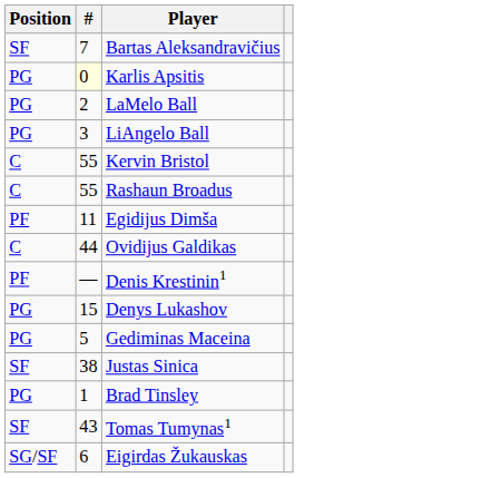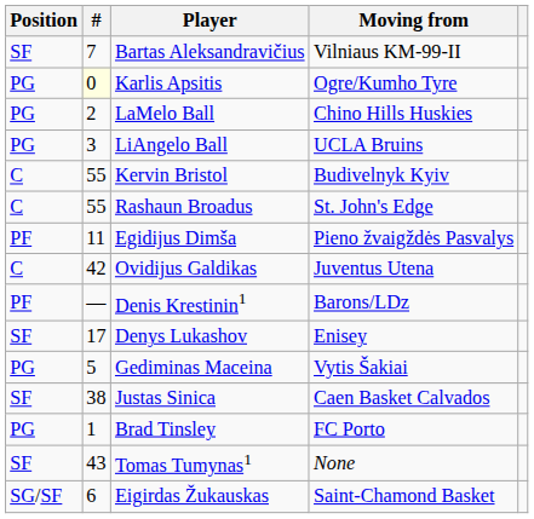 <table class="wikitable sortable" style="text-align: left;">
 <tr>
 <th>Position</th>
 <th>#</th>
 <th>Player</th>
+<th>Moving from</th>
 <th></th>
 </tr>
 <tr>
 <td><a href='#'>SF</a></td>
 <td>7</td>
 <td> <a href='#'>Bartas Aleksandravičius</a></td>
+<td> Vilniaus KM-99-II</td>
 <td></td>
 </tr>
 <tr>
 <td><a href='#'>PG</a></td>
 <td style="background: lightyellow;">0</td>
 <td> <a href='#'>Karlis Apsitis</a></td>
+<td> <a href='#'>Ogre/Kumho Tyre</a></td>
 <td></td>
 </tr>
 <tr>
 <td><a href='#'>PG</a></td>
 <td>2</td>
 <td> <a href='#'>LaMelo Ball</a></td>
+<td> <a href='#'>Chino Hills Huskies</a></td>
 <td></td>
 </tr>
 <tr>
 <td><a href='#'>PG</a></td>
 <td>3</td>
 <td> <a href='#'>LiAngelo Ball</a></td>
+<td> <a href='#'>UCLA Bruins</a></td>
 <td></td>
 </tr>
 <tr>
 <td><a href='#'>C</a></td>
 <td>55</td>
 <td> <a href='#'>Kervin Bristol</a></td>
+<td> <a href='#'>Budivelnyk Kyiv</a></td>
 <td></td>
 </tr>
 <tr>
 <td><a href='#'>C</a></td>
 <td>55</td>
 <td> <a href='#'>Rashaun Broadus</a></td>
+<td> <a href='#'>St. John's Edge</a></td>
 <td></td>
 </tr>
 <tr>
 <td><a href='#'>PF</a></td>
 <td>11</td>
 <td> <a href='#'>Egidijus Dimša</a></td>
+<td> <a href='#'>Pieno žvaigždės Pasvalys</a></td>
 <td></td>
 </tr>
 <tr>
 <td><a href='#'>C</a></td>
-<td>44</td>
+<td>42</td>
 <td> <a href='#'>Ovidijus Galdikas</a></td>
+<td> <a href='#'>Juventus Utena</a></td>
 <td></td>
 </tr>
 <tr>
 <td><a href='#'>PF</a></td>
 <td>—</td>
 <td> <a href='#'>Denis Krestinin</a><sup>1</sup></td>
+<td> <a href='#'>Barons/LDz</a></td>
 <td></td>
 </tr>
 <tr>
-<td><a href='#'>PG</a></td>
-<td>15</td>
+<td><a href='#'>SF</a></td>
+<td>17</td>
 <td> <a href='#'>Denys Lukashov</a></td>
+<td> <a href='#'>Enisey</a></td>
 <td></td>
 </tr>
 <tr>
 <td><a href='#'>PG</a></td>
 <td>5</td>
 <td> <a href='#'>Gediminas Maceina</a></td>
+<td> <a href='#'>Vytis Šakiai</a></td>
 <td></td>
 </tr>
 <tr>
 <td><a href='#'>SF</a></td>
 <td>38</td>
 <td> <a href='#'>Justas Sinica</a></td>
+<td> <a href='#'>Caen Basket Calvados</a></td>
 <td></td>
 </tr>
 <tr>
 <td><a href='#'>PG</a></td>
 <td>1</td>
 <td> <a href='#'>Brad Tinsley</a></td>
+<td> <a href='#'>FC Porto</a></td>
 <td></td>
 </tr>
 <tr>
 <td><a href='#'>SF</a></td>
 <td>43</td>
 <td> <a href='#'>Tomas Tumynas</a><sup>1</sup></td>
+<td><em>None</em></td>
 <td></td>
 </tr>
 <tr>
 <td><a href='#'>SG</a>/<a href='#'>SF</a></td>
 <td>6</td>
 <td> <a href='#'>Eigirdas Žukauskas</a></td>
+<td> <a href='#'>Saint-Chamond Basket</a></td>
 <td></td>
 </tr>
 </table>
